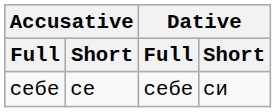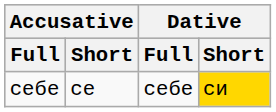 <table class="wikitable">
 <tr>
 <th colspan="2">Accusative</th>
 <th colspan="2">Dative</th>
 </tr>
 <tr>
 <th>Full</th>
 <th>Short</th>
 <th>Full</th>
 <th>Short</th>
 </tr>
 <tr>
 <td>себе</td>
 <td>се</td>
 <td>себе</td>
-<td>си</td>
+<td style="background: gold;">си</td>
 </tr>
 </table>
